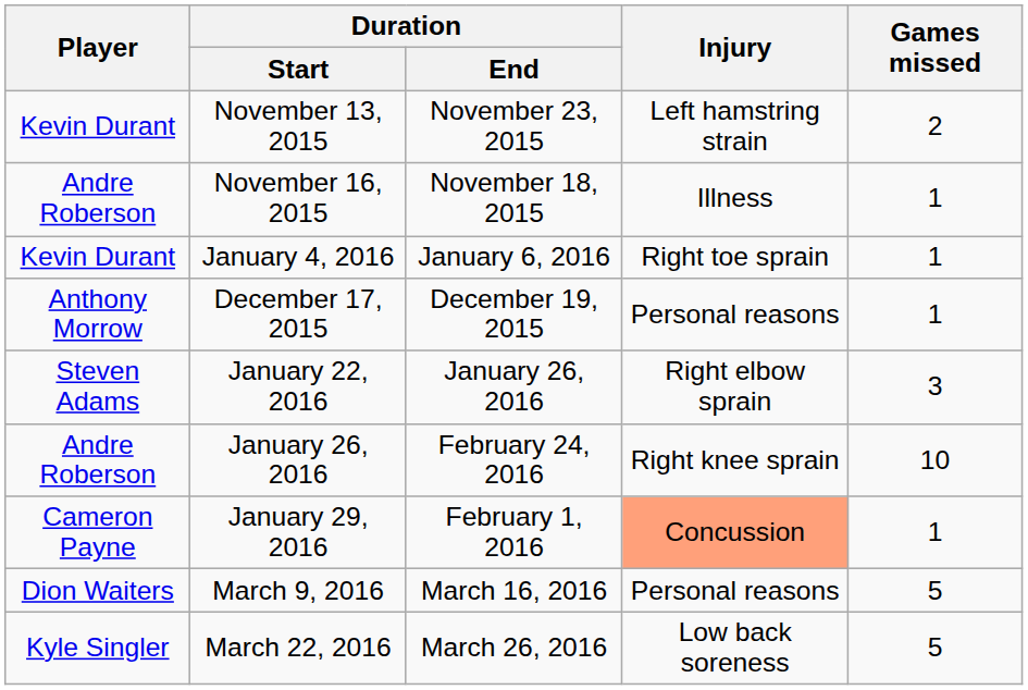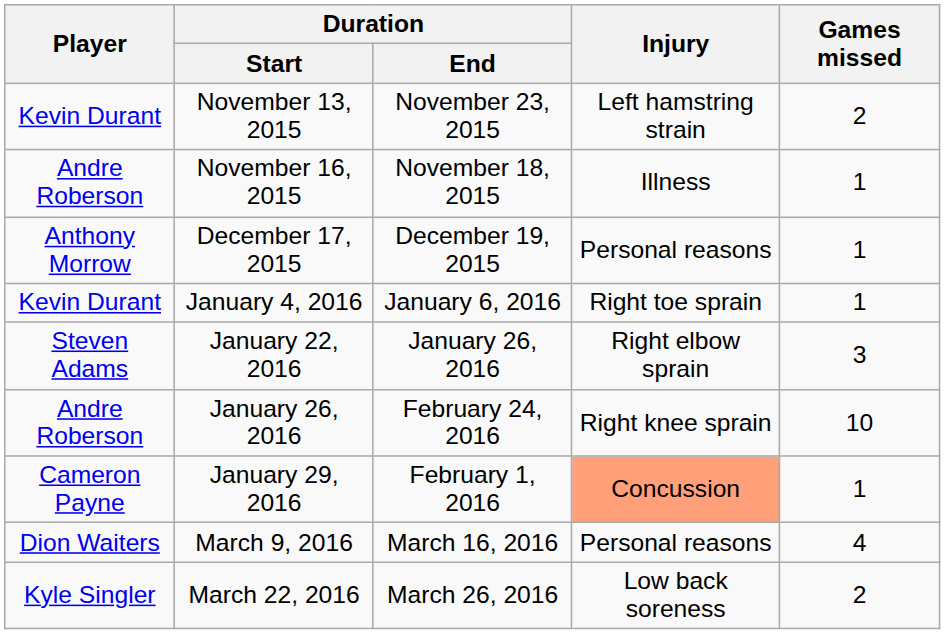 <table class="wikitable sortable collapsible" style="text-align:center;">
 <tr>
 <th rowspan="2">Player</th>
 <th colspan="2">Duration</th>
 <th rowspan="2">Injury</th>
 <th rowspan="2">Games missed</th>
 </tr>
 <tr>
 <th>Start</th>
 <th>End</th>
 </tr>
 <tr>
 <td><a href='#'>Kevin Durant</a></td>
 <td>November 13, 2015</td>
 <td>November 23, 2015</td>
 <td>Left hamstring strain</td>
 <td>2</td>
 </tr>
 <tr>
 <td><a href='#'>Andre Roberson</a></td>
 <td>November 16, 2015</td>
 <td>November 18, 2015</td>
 <td>Illness</td>
 <td>1</td>
 </tr>
 <tr>
+<td><a href='#'>Anthony Morrow</a></td>
+<td>December 17, 2015</td>
+<td>December 19, 2015</td>
+<td>Personal reasons</td>
+<td>1</td>
+</tr>
+<tr>
 <td><a href='#'>Kevin Durant</a></td>
 <td>January 4, 2016</td>
 <td>January 6, 2016</td>
 <td>Right toe sprain</td>
-<td>1</td>
-</tr>
-<tr>
-<td><a href='#'>Anthony Morrow</a></td>
-<td>December 17, 2015</td>
-<td>December 19, 2015</td>
-<td>Personal reasons</td>
 <td>1</td>
 </tr>
 <tr>
 <td><a href='#'>Steven Adams</a></td>
 <td>January 22, 2016</td>
 <td>January 26, 2016</td>
 <td>Right elbow sprain</td>
 <td>3</td>
 </tr>
 <tr>
 <td><a href='#'>Andre Roberson</a></td>
 <td>January 26, 2016</td>
 <td>February 24, 2016</td>
 <td>Right knee sprain</td>
 <td>10</td>
 </tr>
 <tr>
 <td><a href='#'>Cameron Payne</a></td>
 <td>January 29, 2016</td>
 <td>February 1, 2016</td>
 <td style="background: lightsalmon;">Concussion</td>
 <td>1</td>
 </tr>
 <tr>
 <td><a href='#'>Dion Waiters</a></td>
 <td>March 9, 2016</td>
 <td>March 16, 2016</td>
 <td>Personal reasons</td>
-<td>5</td>
+<td>4</td>
 </tr>
 <tr>
 <td><a href='#'>Kyle Singler</a></td>
 <td>March 22, 2016</td>
 <td>March 26, 2016</td>
 <td>Low back soreness</td>
-<td>5</td>
+<td>2</td>
 </tr>
 </table>
